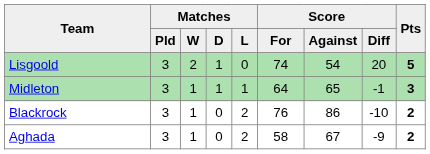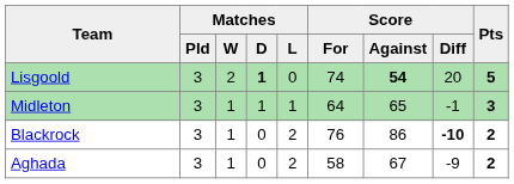 <table style=border-collapse:collapse border=1 cellspacing=0 cellpadding=5>
 <tr align=center bgcolor=#efefef>
 <th rowspan=2 width=165>Team</th>
 <th colspan=4>Matches</th>
 <th colspan=3>Score</th>
 <th rowspan=2width=20>Pts</th>
 </tr>
 <tr align=center bgcolor=#efefef>
 <th width=20>Pld</th>
 <th width=20>W</th>
 <th width=20>D</th>
 <th width=20>L</th>
 <th width=45>For</th>
 <th width=45>Against</th>
 <th width=30>Diff</th>
 </tr>
 <tr align=center style="background:#ACE1AF;">
 <td style="text-align:left;"><a href='#'>Lisgoold</a></td>
 <td>3</td>
 <td>2</td>
-<td>1</td>
+<td><strong>1</strong></td>
 <td>0</td>
 <td>74</td>
-<td>54</td>
+<td><strong>54</strong></td>
 <td>20</td>
 <td><strong>5</strong></td>
 </tr>
 <tr align=center style="background:#ACE1AF;">
 <td style="text-align:left;"><a href='#'>Midleton</a></td>
 <td>3</td>
 <td>1</td>
 <td>1</td>
 <td>1</td>
 <td>64</td>
 <td>65</td>
 <td>-1</td>
 <td><strong>3</strong></td>
 </tr>
 <tr align=center>
 <td style="text-align:left;"><a href='#'>Blackrock</a></td>
 <td>3</td>
 <td>1</td>
 <td>0</td>
 <td>2</td>
 <td>76</td>
 <td>86</td>
-<td>-10</td>
+<td><strong>-10</strong></td>
 <td><strong>2</strong></td>
 </tr>
 <tr align=center>
 <td style="text-align:left;"><a href='#'>Aghada</a></td>
 <td>3</td>
 <td>1</td>
 <td>0</td>
 <td>2</td>
 <td>58</td>
 <td>67</td>
 <td>-9</td>
 <td><strong>2</strong></td>
 </tr>
 </table>
